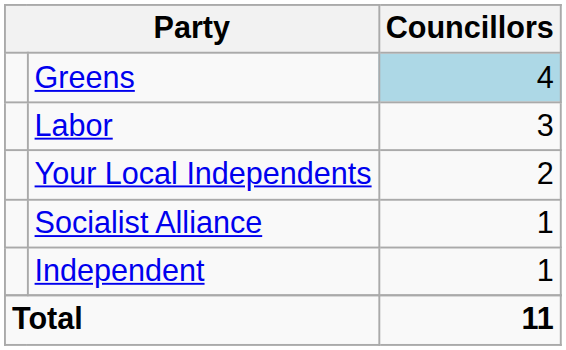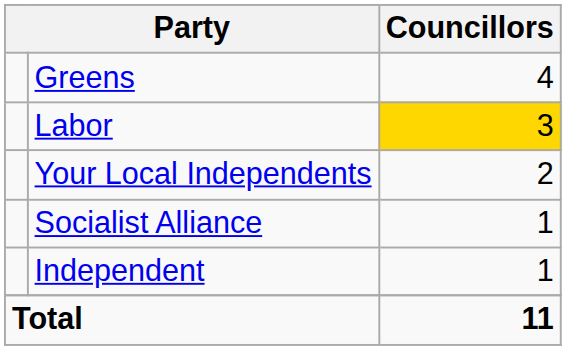 <table class="wikitable">
 <tr>
 <th colspan="2">Party</th>
 <th>Councillors</th>
 </tr>
 <tr>
 <td> </td>
 <td><a href='#'>Greens</a></td>
-<td align=right style="background: lightblue;">4</td>
+<td align=right>4</td>
 </tr>
 <tr>
 <td> </td>
 <td><a href='#'>Labor</a></td>
-<td align=right>3</td>
+<td align=right style="background: gold;">3</td>
 </tr>
 <tr>
 <td> </td>
 <td><a href='#'>Your Local Independents</a></td>
 <td align=right>2</td>
 </tr>
 <tr>
 <td> </td>
 <td><a href='#'>Socialist Alliance</a></td>
 <td align=right>1</td>
 </tr>
 <tr>
 <td> </td>
 <td><a href='#'>Independent</a></td>
 <td align=right>1</td>
 </tr>
 <tr>
 </tr>
 <tr>
 <td colspan="2"><strong>Total</strong></td>
 <td align=right><strong>11</strong></td>
 </tr>
 </table>
